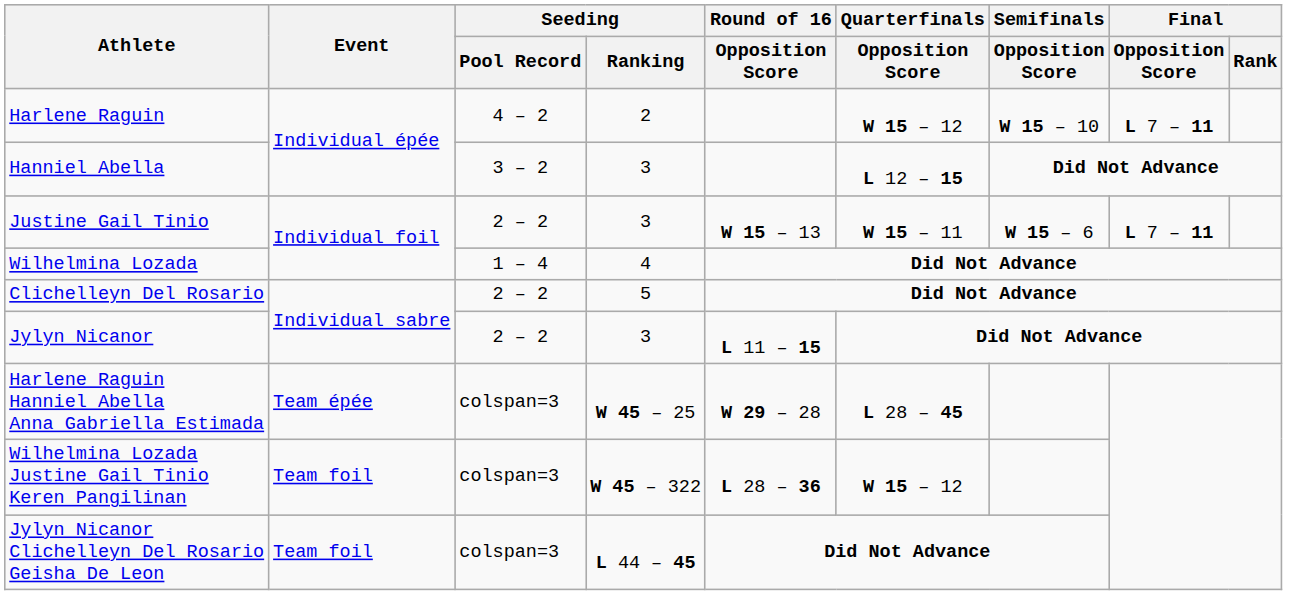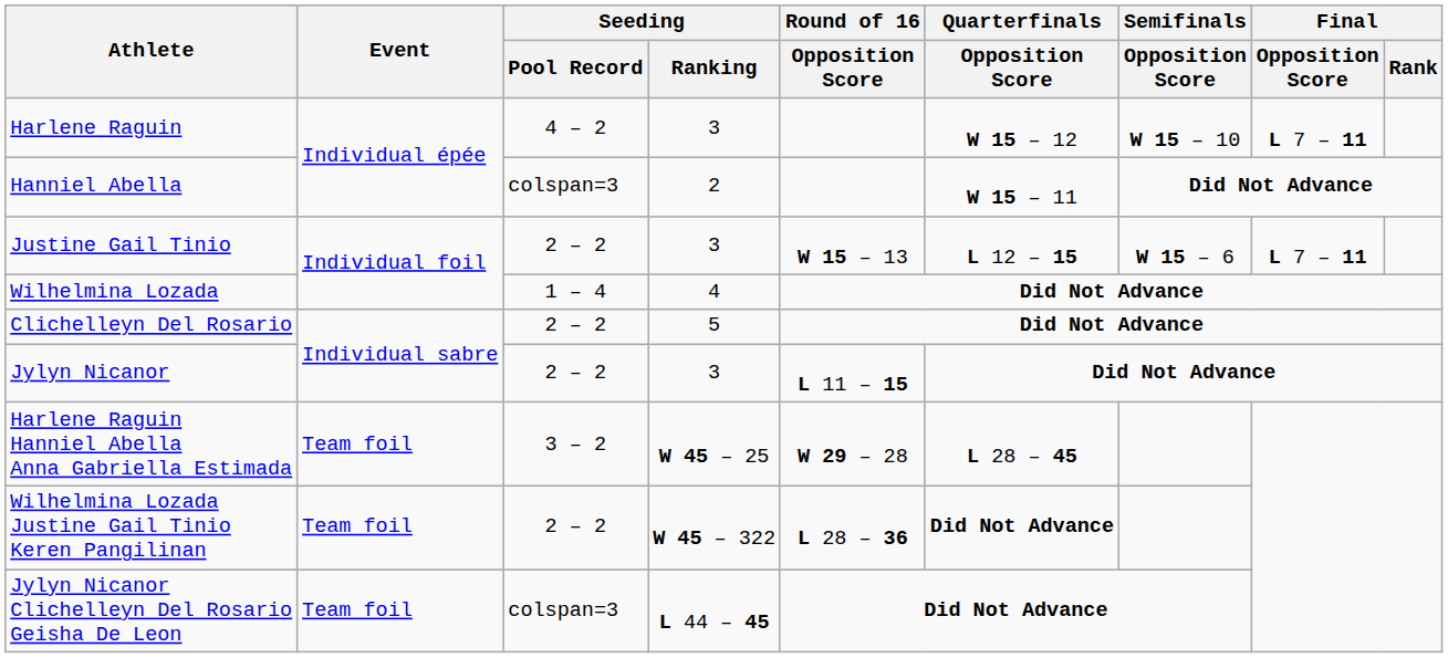 <table class=wikitable style="font-size:90%;">
 <tr>
 <th rowspan=2>Athlete</th>
 <th rowspan=2>Event</th>
 <th colspan=2>Seeding</th>
 <th>Round of 16</th>
 <th>Quarterfinals</th>
 <th>Semifinals</th>
 <th colspan=2>Final</th>
 </tr>
 <tr>
 <th>Pool Record</th>
 <th>Ranking</th>
 <th>Opposition<br>Score</th>
 <th>Opposition<br>Score</th>
 <th>Opposition<br>Score</th>
 <th>Opposition<br>Score</th>
 <th>Rank</th>
 </tr>
 <tr>
 <td><a href='#'>Harlene Raguin</a></td>
 <td rowspan=2><a href='#'>Individual épée</a></td>
 <td align=center>4 – 2</td>
-<td align=center>2 <strong></strong></td>
+<td align=center>3 <strong></strong></td>
 <td></td>
 <td align=center><br> <strong>W</strong> <strong>15</strong> – 12</td>
 <td align=center><br> <strong>W</strong> <strong>15</strong> – 10</td>
 <td align=center><br> <strong>L</strong> 7 – <strong>11</strong></td>
 <td align=center></td>
 </tr>
 <tr>
 <td><a href='#'>Hanniel Abella</a></td>
-<td align=center>3 – 2</td>
-<td align=center>3 <strong></strong></td>
+<td>colspan=3 </td>
+<td align=center>2 <strong></strong></td>
 <td></td>
-<td align=center><br> <strong>L</strong> 12 – <strong>15</strong></td>
+<td align=center><br> <strong>W</strong> <strong>15</strong> – 11</td>
 <td align=center colspan=3><strong>Did Not Advance</strong></td>
 </tr>
 <tr>
 <td><a href='#'>Justine Gail Tinio</a></td>
 <td rowspan=2><a href='#'>Individual foil</a></td>
 <td align=center>2 – 2</td>
 <td align=center>3 <strong></strong></td>
 <td align=center><br> <strong>W</strong> <strong>15</strong> – 13</td>
-<td align=center><br> <strong>W</strong> <strong>15</strong> – 11</td>
+<td align=center><br> <strong>L</strong> 12 – <strong>15</strong></td>
 <td align=center> <br> <strong>W</strong> <strong>15</strong> – 6</td>
 <td align=center><br> <strong>L</strong> 7 – <strong>11</strong></td>
 <td align=center></td>
 </tr>
 <tr>
 <td><a href='#'>Wilhelmina Lozada</a></td>
 <td align=center>1 – 4</td>
 <td align=center>4</td>
 <td align=center colspan=5><strong>Did Not Advance</strong></td>
 </tr>
 <tr>
 <td><a href='#'>Clichelleyn Del Rosario</a></td>
 <td rowspan=2><a href='#'>Individual sabre</a></td>
 <td align=center>2 – 2</td>
 <td align=center>5</td>
 <td align=center colspan=5><strong>Did Not Advance</strong></td>
 </tr>
 <tr>
 <td><a href='#'>Jylyn Nicanor</a></td>
 <td align=center>2 – 2</td>
 <td align=center>3 <strong></strong></td>
 <td align=center> <br> <strong>L</strong> 11 – <strong>15</strong></td>
 <td align=center colspan=4><strong>Did Not Advance</strong></td>
 </tr>
 <tr>
 <td><a href='#'>Harlene Raguin</a><br><a href='#'>Hanniel Abella</a><br><a href='#'>Anna Gabriella Estimada</a></td>
-<td><a href='#'>Team épée</a></td>
-<td>colspan=3 </td>
+<td><a href='#'>Team foil</a></td>
+<td align=center>3 – 2</td>
 <td align=center><br> <strong>W</strong> <strong>45</strong> – 25</td>
 <td align=center><br> <strong>W</strong> <strong>29</strong> – 28</td>
 <td align=center><br> <strong>L</strong>  28 – <strong>45</strong></td>
 <td align=center></td>
 </tr>
 <tr>
 <td><a href='#'>Wilhelmina Lozada</a><br><a href='#'>Justine Gail Tinio</a><br><a href='#'>Keren Pangilinan</a></td>
 <td><a href='#'>Team foil</a></td>
-<td>colspan=3 </td>
+<td align=center>2 – 2</td>
 <td align=center><br> <strong>W</strong> <strong>45</strong> – 322</td>
 <td align=center><br> <strong>L</strong>  28 – <strong>36</strong></td>
-<td align=center><br> <strong>W</strong> <strong>15</strong> – 12</td>
+<td align=center><strong>Did Not Advance</strong></td>
 <td align=center></td>
 </tr>
 <tr>
 <td><a href='#'>Jylyn Nicanor</a><br><a href='#'>Clichelleyn Del Rosario</a><br><a href='#'>Geisha De Leon</a></td>
 <td><a href='#'>Team foil</a></td>
 <td>colspan=3 </td>
 <td align=center><br> <strong>L</strong> 44 – <strong>45</strong></td>
 <td align=center colspan=3><strong>Did Not Advance</strong></td>
 </tr>
 </table>
